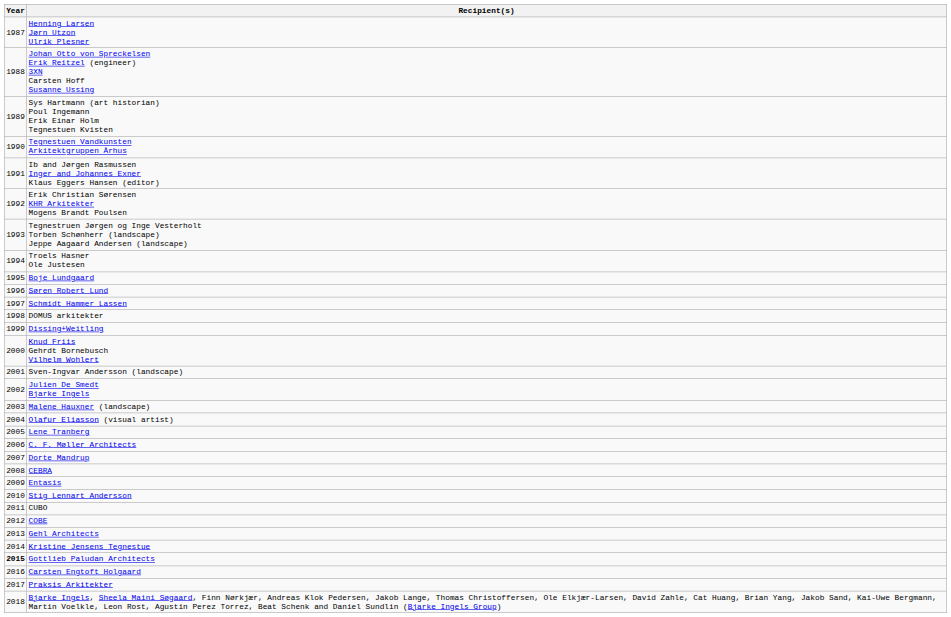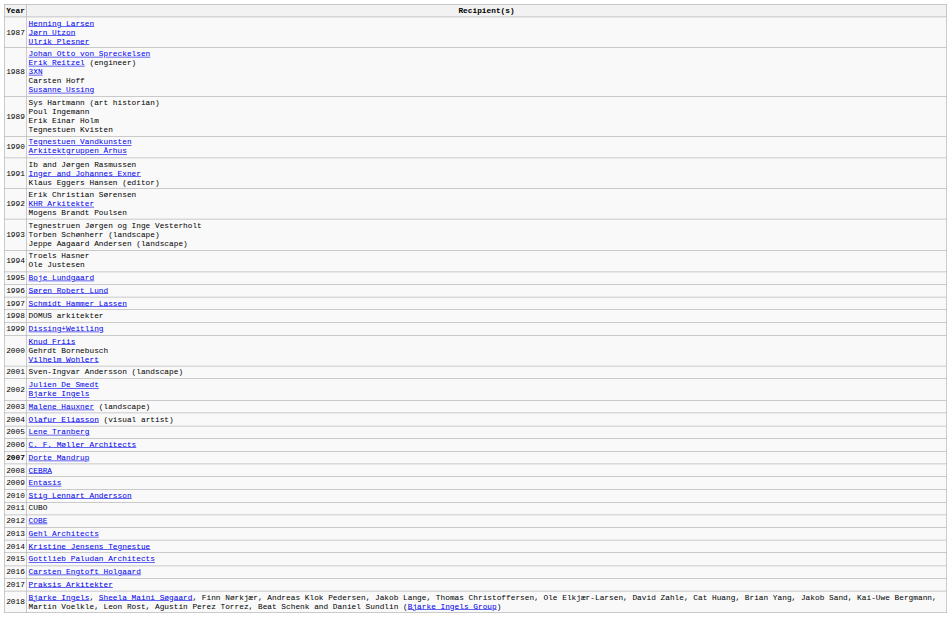 <table class="wikitable">
 <tr>
 <th>Year</th>
 <th>Recipient(s)</th>
 </tr>
 <tr>
 <td>1987</td>
 <td><a href='#'>Henning Larsen</a><br><a href='#'>Jørn Utzon</a><br><a href='#'>Ulrik Plesner</a></td>
 </tr>
 <tr>
 <td>1988</td>
 <td><a href='#'>Johan Otto von Spreckelsen</a><br><a href='#'>Erik Reitzel</a> (engineer)<br><a href='#'>3XN</a><br>Carsten Hoff<br><a href='#'>Susanne Ussing</a></td>
 </tr>
 <tr>
 <td>1989</td>
 <td>Sys Hartmann (art historian)<br>Poul Ingemann<br>Erik Einar Holm<br>Tegnestuen Kvisten</td>
 </tr>
 <tr>
 <td>1990</td>
 <td><a href='#'>Tegnestuen Vandkunsten</a><br><a href='#'>Arkitektgruppen Århus</a></td>
 </tr>
 <tr>
 <td>1991</td>
 <td>Ib and Jørgen Rasmussen<br><a href='#'>Inger and Johannes Exner</a><br>Klaus Eggers Hansen (editor)</td>
 </tr>
 <tr>
 <td>1992</td>
 <td>Erik Christian Sørensen<br><a href='#'>KHR Arkitekter</a><br>Mogens Brandt Poulsen</td>
 </tr>
 <tr>
 <td>1993</td>
 <td>Tegnestruen Jørgen og Inge Vesterholt<br>Torben Schønherr (landscape)<br>Jeppe Aagaard Andersen (landscape)</td>
 </tr>
 <tr>
 <td>1994</td>
 <td>Troels Hasner<br>Ole Justesen</td>
 </tr>
 <tr>
 <td>1995</td>
 <td><a href='#'>Boje Lundgaard</a></td>
 </tr>
 <tr>
 <td>1996</td>
 <td><a href='#'>Søren Robert Lund</a></td>
 </tr>
 <tr>
 <td>1997</td>
 <td><a href='#'>Schmidt Hammer Lassen</a></td>
 </tr>
 <tr>
 <td>1998</td>
 <td>DOMUS arkitekter</td>
 </tr>
 <tr>
 <td>1999</td>
 <td><a href='#'>Dissing+Weitling</a></td>
 </tr>
 <tr>
 <td>2000</td>
 <td><a href='#'>Knud Friis</a><br>Gehrdt Bornebusch<br><a href='#'>Vilhelm Wohlert</a></td>
 </tr>
 <tr>
 <td>2001</td>
 <td>Sven-Ingvar Andersson (landscape)</td>
 </tr>
 <tr>
 <td>2002</td>
 <td><a href='#'>Julien De Smedt</a><br><a href='#'>Bjarke Ingels</a></td>
 </tr>
 <tr>
 <td>2003</td>
 <td><a href='#'>Malene Hauxner</a> (landscape)</td>
 </tr>
 <tr>
 <td>2004</td>
 <td><a href='#'>Olafur Eliasson</a> (visual artist)</td>
 </tr>
 <tr>
 <td>2005</td>
 <td><a href='#'>Lene Tranberg</a></td>
 </tr>
 <tr>
 <td>2006</td>
 <td><a href='#'>C. F. Møller Architects</a></td>
 </tr>
 <tr>
-<td>2007</td>
+<td><strong>2007</strong></td>
 <td><a href='#'>Dorte Mandrup</a></td>
 </tr>
 <tr>
 <td>2008</td>
 <td><a href='#'>CEBRA</a></td>
 </tr>
 <tr>
 <td>2009</td>
 <td><a href='#'>Entasis</a></td>
 </tr>
 <tr>
 <td>2010</td>
 <td><a href='#'>Stig Lennart Andersson</a></td>
 </tr>
 <tr>
 <td>2011</td>
 <td>CUBO</td>
 </tr>
 <tr>
 <td>2012</td>
 <td><a href='#'>COBE</a></td>
 </tr>
 <tr>
 <td>2013</td>
 <td><a href='#'>Gehl Architects</a></td>
 </tr>
 <tr>
 <td>2014</td>
 <td><a href='#'>Kristine Jensens Tegnestue</a></td>
 </tr>
 <tr>
-<td><strong>2015</strong></td>
+<td>2015</td>
 <td><a href='#'>Gottlieb Paludan Architects</a></td>
 </tr>
 <tr>
 <td>2016</td>
 <td><a href='#'>Carsten Engtoft Holgaard</a></td>
 </tr>
 <tr>
 <td>2017</td>
 <td><a href='#'>Praksis Arkitekter</a></td>
 </tr>
 <tr>
 <td>2018</td>
 <td><a href='#'>Bjarke Ingels</a>, <a href='#'>Sheela Maini Søgaard</a>, Finn Nørkjær, Andreas Klok Pedersen, Jakob Lange, Thomas Christoffersen, Ole Elkjær-Larsen, David Zahle, Cat Huang, Brian Yang, Jakob Sand, Kai-Uwe Bergmann, Martin Voelkle, Leon Rost, Agustin Perez Torrez, Beat Schenk and Daniel Sundlin (<a href='#'>Bjarke Ingels Group</a>)</td>
 </tr>
 </table>
